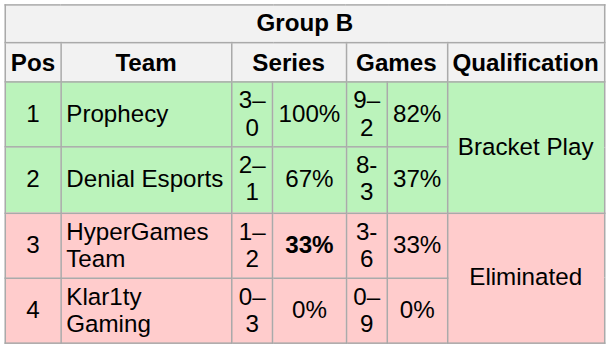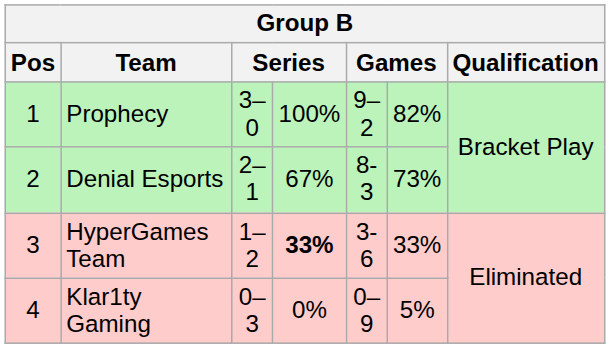 <table class="wikitable" style="display: inline-table; margin-left: 50px;width: 45%;">
 <tr>
 <th colspan="7">Group B</th>
 </tr>
 <tr>
 <th>Pos</th>
 <th>Team</th>
 <th colspan="2">Series</th>
 <th colspan="2">Games</th>
 <th>Qualification</th>
 </tr>
 <tr>
 <td style="text-align:center; background:#BBF3BB;">1</td>
 <td style="text-align:left; background:#BBF3BB;">Prophecy</td>
 <td style="text-align:center; background:#BBF3BB;">3–0</td>
 <td style="text-align:center; background:#BBF3BB;">100%</td>
 <td style="text-align:center; background:#BBF3BB;">9–2</td>
 <td style="text-align:center; background:#BBF3BB;">82%</td>
 <td style="text-align:center; background:#BBF3BB;" rowspan="2">Bracket Play</td>
 </tr>
 <tr>
 <td style="text-align:center; background:#BBF3BB;">2</td>
 <td style="text-align:left; background:#BBF3BB;">Denial Esports</td>
 <td style="text-align:center; background:#BBF3BB;">2–1</td>
 <td style="text-align:center; background:#BBF3BB;">67%</td>
 <td style="text-align:center; background:#BBF3BB;">8-3</td>
-<td style="text-align:center; background:#BBF3BB;">37%</td>
+<td style="text-align:center; background:#BBF3BB;">73%</td>
 </tr>
 <tr>
 <td style="text-align:center; background:#FFCCCC;">3</td>
 <td style="text-align:left; background:#FFCCCC;">HyperGames Team</td>
 <td style="text-align:center; background:#FFCCCC;">1–2</td>
 <td style="text-align:center; background:#FFCCCC;"><strong>33%</strong></td>
 <td style="text-align:center; background:#FFCCCC;">3-6</td>
 <td style="text-align:center; background:#FFCCCC;">33%</td>
 <td style="text-align:center; background:#FFCCCC;" rowspan="2">Eliminated</td>
 </tr>
 <tr>
 <td style="text-align:center; background:#FFCCCC;">4</td>
 <td style="text-align:left; background:#FFCCCC;">Klar1ty Gaming</td>
 <td style="text-align:center; background:#FFCCCC;">0–3</td>
 <td style="text-align:center; background:#FFCCCC;">0%</td>
 <td style="text-align:center; background:#FFCCCC;">0–9</td>
-<td style="text-align:center; background:#FFCCCC;">0%</td>
+<td style="text-align:center; background:#FFCCCC;">5%</td>
 </tr>
 </table>
